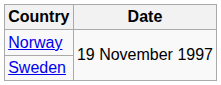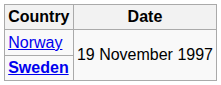 <table class="wikitable">
 <tr>
 <th>Country</th>
 <th>Date</th>
 </tr>
 <tr>
 <td><a href='#'>Norway</a></td>
 <td rowspan="2">19 November 1997</td>
 </tr>
 <tr>
-<td><a href='#'>Sweden</a></td>
+<td><strong><a href='#'>Sweden</a></strong></td>
 </tr>
 </table>
